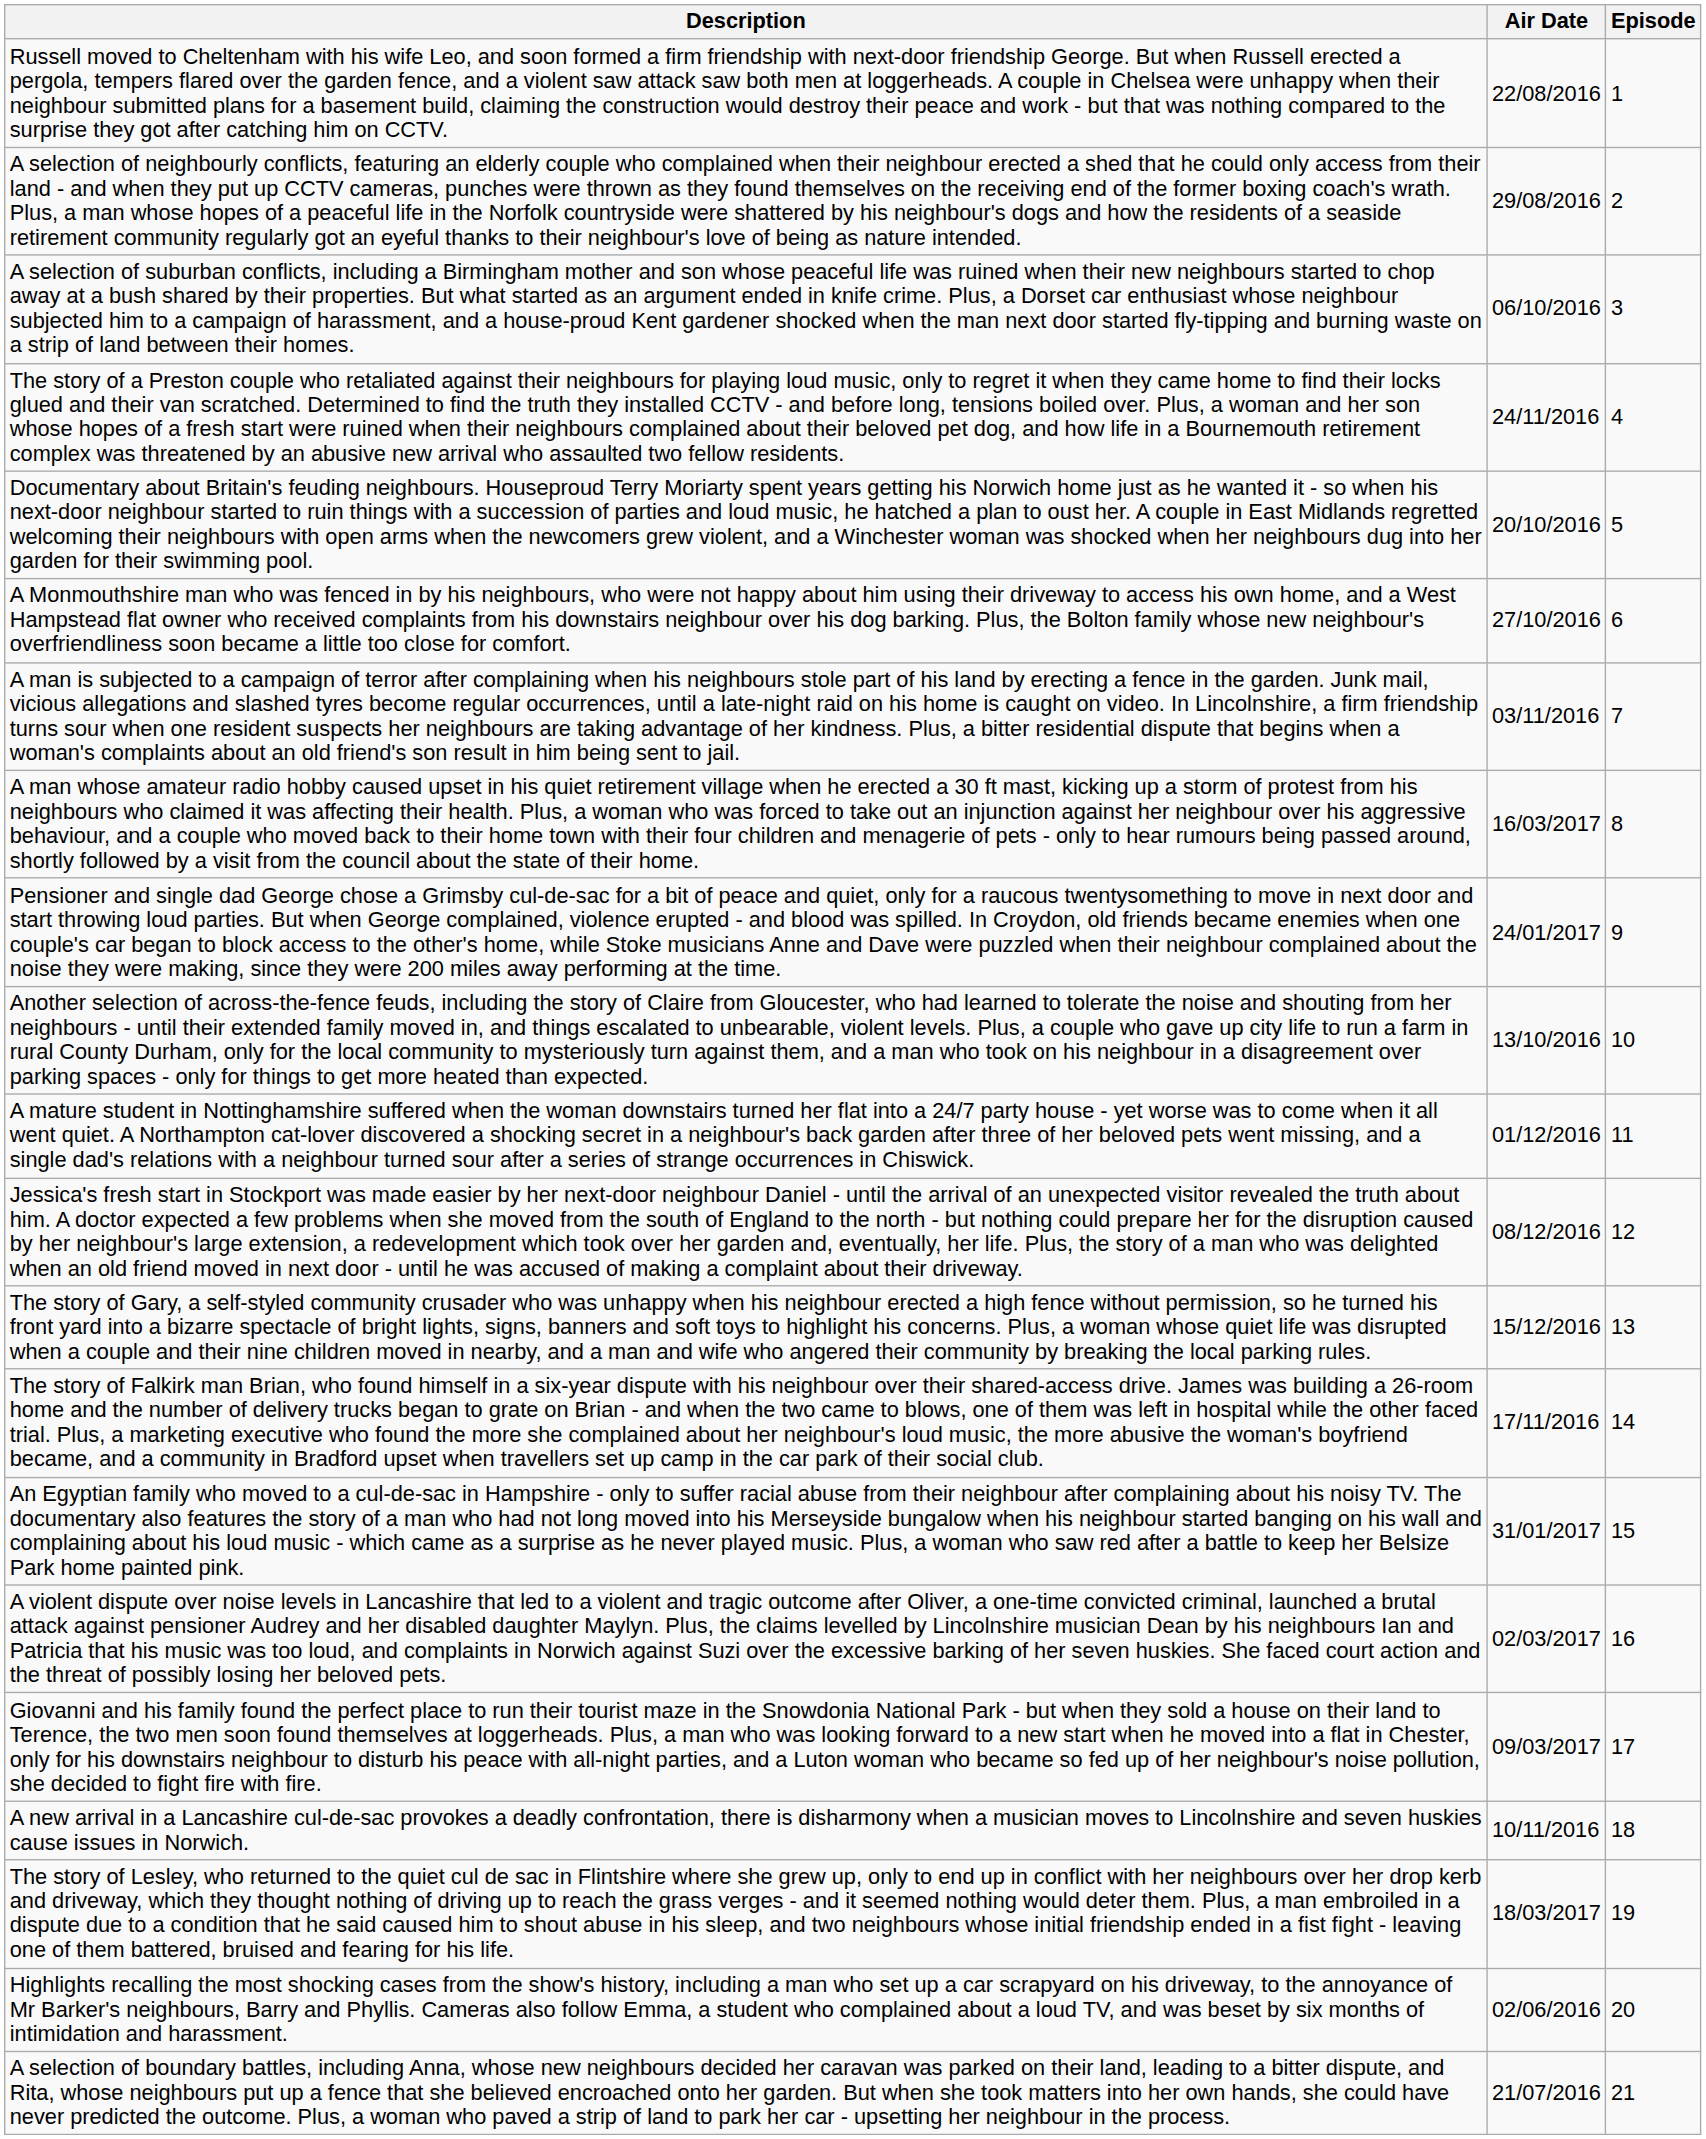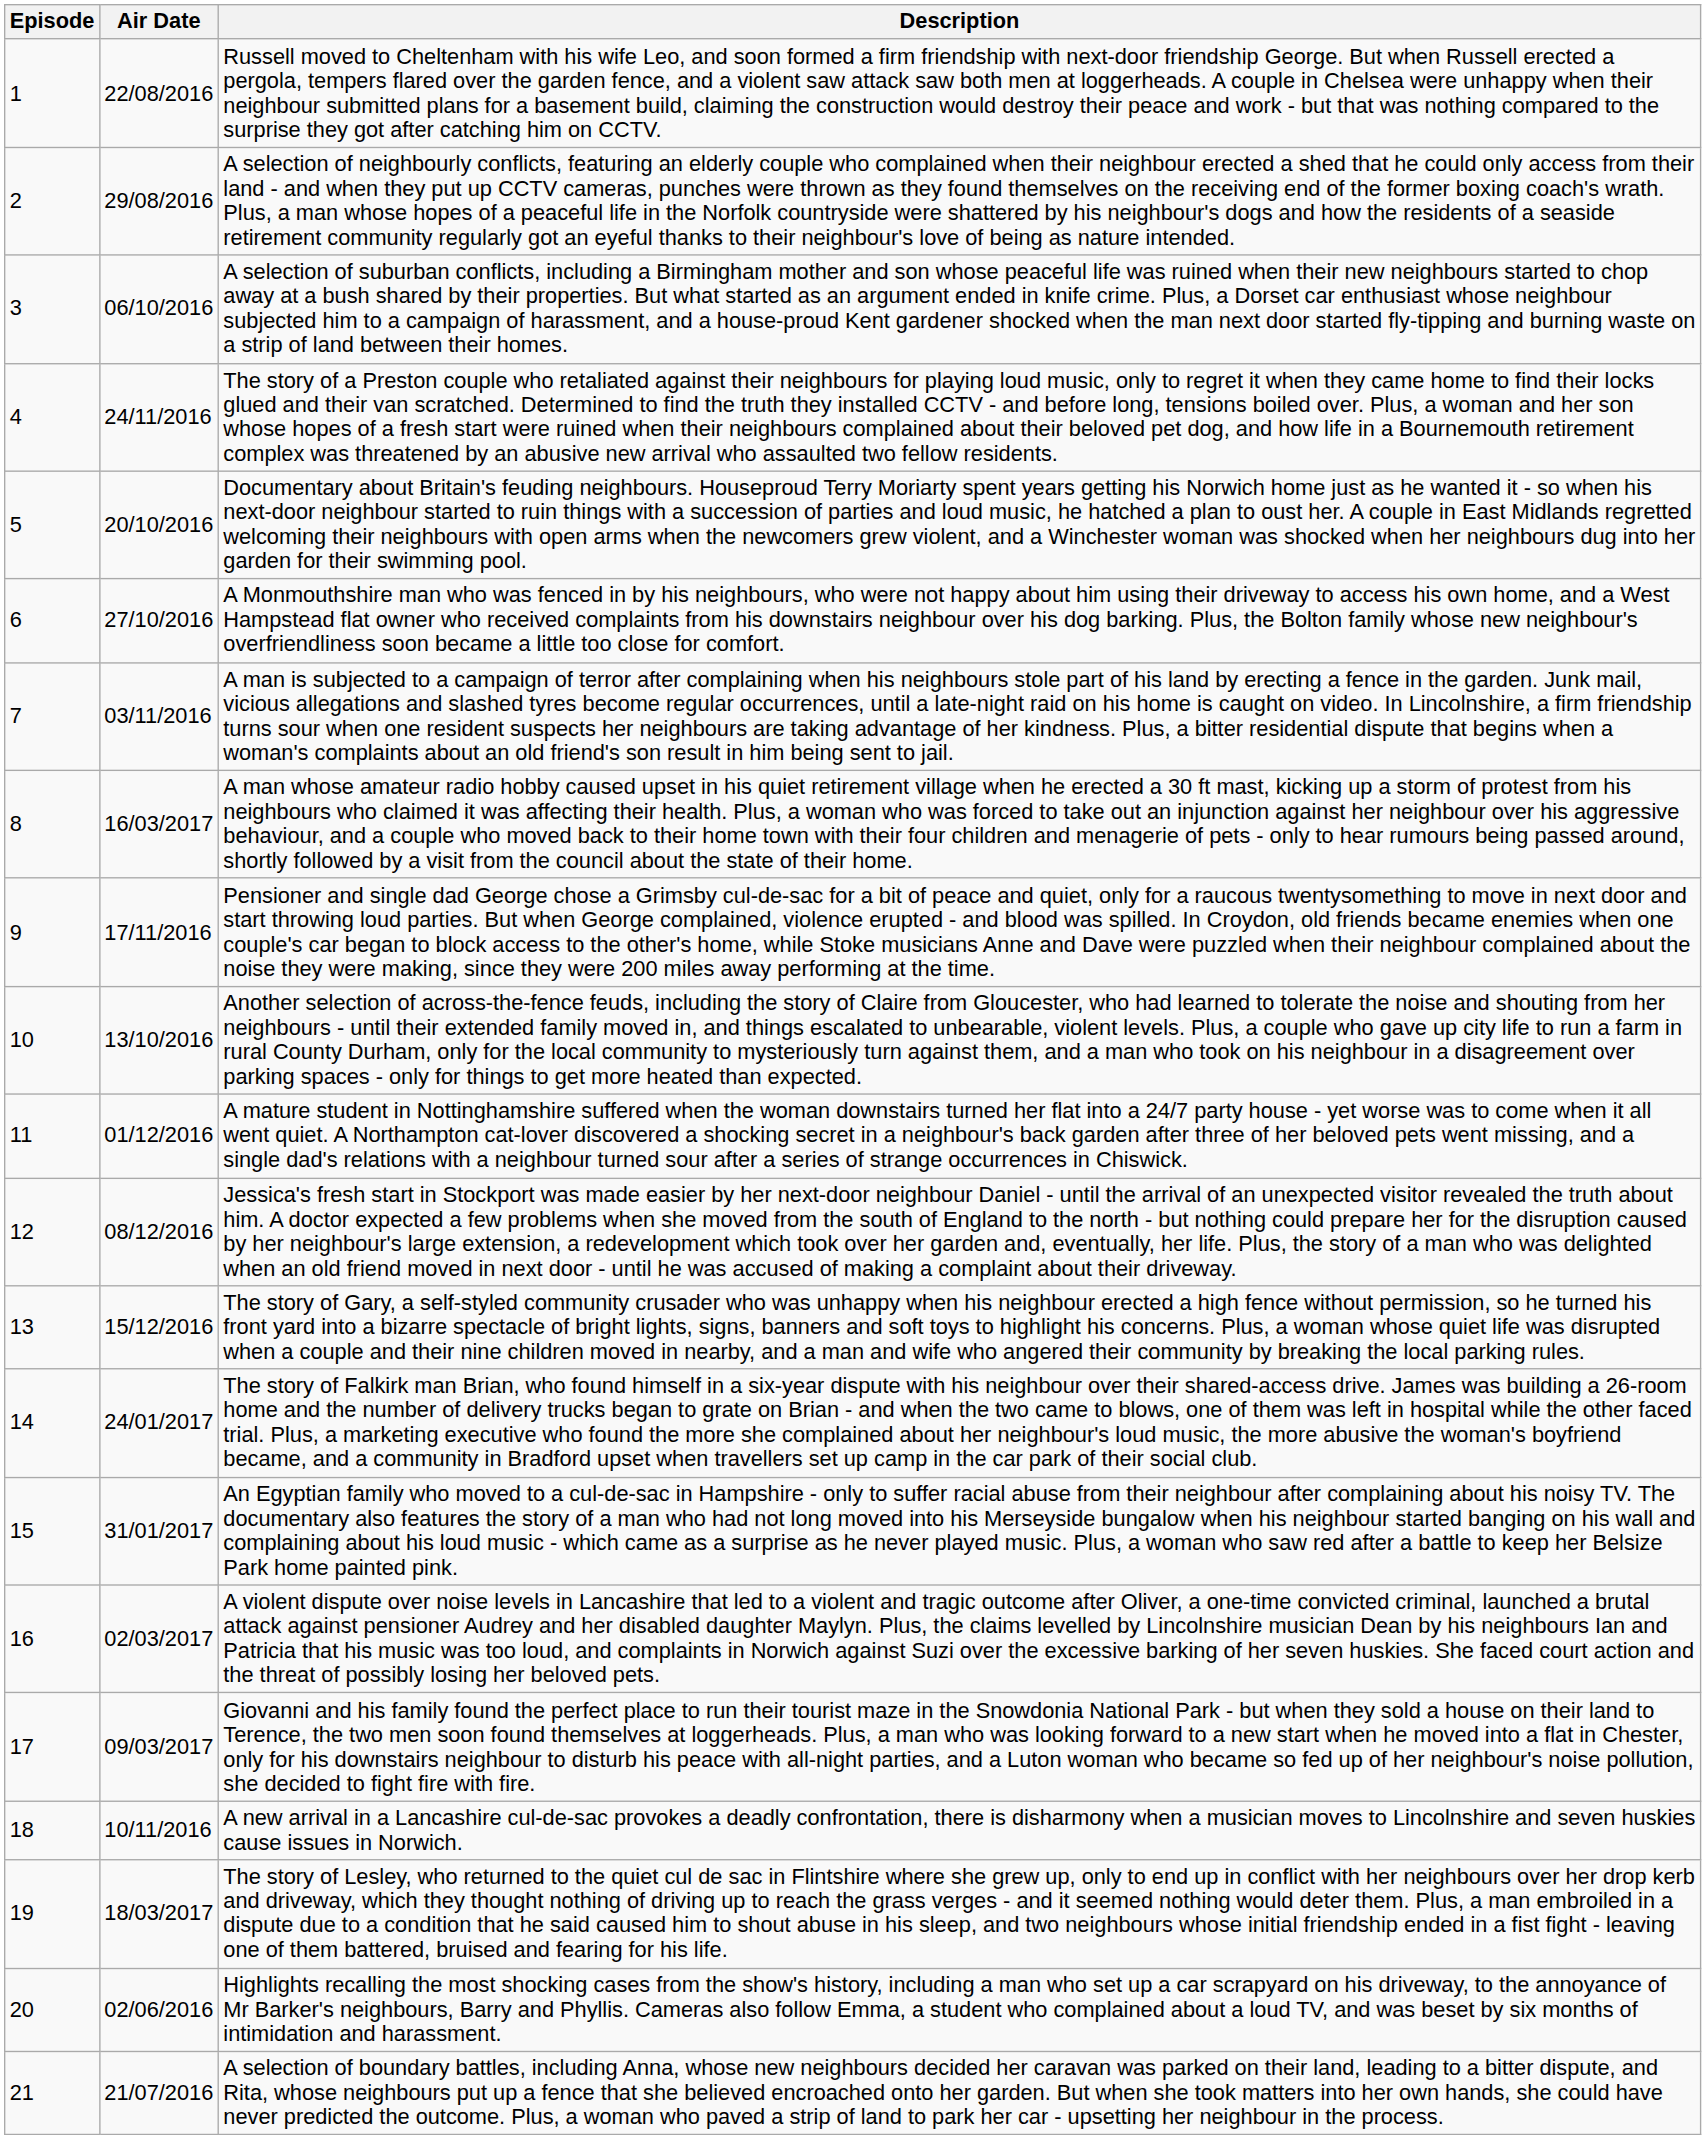 <table class="wikitable">
 <tr>
+<th>Episode</th>
+<th>Air Date</th>
 <th>Description</th>
-<th>Air Date</th>
-<th>Episode</th>
 </tr>
 <tr>
+<td>1</td>
+<td>22/08/2016</td>
 <td>Russell moved to Cheltenham with his wife Leo, and soon formed a firm friendship with next-door friendship George. But when Russell erected a pergola, tempers flared over the garden fence, and a violent saw attack saw both men at loggerheads. A couple in Chelsea were unhappy when their neighbour submitted plans for a basement build, claiming the construction would destroy their peace and work - but that was nothing compared to the surprise they got after catching him on CCTV.</td>
-<td>22/08/2016</td>
-<td>1</td>
 </tr>
 <tr>
+<td>2</td>
+<td>29/08/2016</td>
 <td>A selection of neighbourly conflicts, featuring an elderly couple who complained when their neighbour erected a shed that he could only access from their land - and when they put up CCTV cameras, punches were thrown as they found themselves on the receiving end of the former boxing coach's wrath. Plus, a man whose hopes of a peaceful life in the Norfolk countryside were shattered by his neighbour's dogs and how the residents of a seaside retirement community regularly got an eyeful thanks to their neighbour's love of being as nature intended.</td>
-<td>29/08/2016</td>
-<td>2</td>
 </tr>
 <tr>
+<td>3</td>
+<td>06/10/2016</td>
 <td>A selection of suburban conflicts, including a Birmingham mother and son whose peaceful life was ruined when their new neighbours started to chop away at a bush shared by their properties. But what started as an argument ended in knife crime. Plus, a Dorset car enthusiast whose neighbour subjected him to a campaign of harassment, and a house-proud Kent gardener shocked when the man next door started fly-tipping and burning waste on a strip of land between their homes.</td>
-<td>06/10/2016</td>
-<td>3</td>
 </tr>
 <tr>
+<td>4</td>
+<td>24/11/2016</td>
 <td>The story of a Preston couple who retaliated against their neighbours for playing loud music, only to regret it when they came home to find their locks glued and their van scratched. Determined to find the truth they installed CCTV - and before long, tensions boiled over. Plus, a woman and her son whose hopes of a fresh start were ruined when their neighbours complained about their beloved pet dog, and how life in a Bournemouth retirement complex was threatened by an abusive new arrival who assaulted two fellow residents.</td>
-<td>24/11/2016</td>
-<td>4</td>
 </tr>
 <tr>
+<td>5</td>
+<td>20/10/2016</td>
 <td>Documentary about Britain's feuding neighbours. Houseproud Terry Moriarty spent years getting his Norwich home just as he wanted it - so when his next-door neighbour started to ruin things with a succession of parties and loud music, he hatched a plan to oust her. A couple in East Midlands regretted welcoming their neighbours with open arms when the newcomers grew violent, and a Winchester woman was shocked when her neighbours dug into her garden for their swimming pool.</td>
-<td>20/10/2016</td>
-<td>5</td>
 </tr>
 <tr>
+<td>6</td>
+<td>27/10/2016</td>
 <td>A Monmouthshire man who was fenced in by his neighbours, who were not happy about him using their driveway to access his own home, and a West Hampstead flat owner who received complaints from his downstairs neighbour over his dog barking. Plus, the Bolton family whose new neighbour's overfriendliness soon became a little too close for comfort.</td>
-<td>27/10/2016</td>
-<td>6</td>
 </tr>
 <tr>
+<td>7</td>
+<td>03/11/2016</td>
 <td>A man is subjected to a campaign of terror after complaining when his neighbours stole part of his land by erecting a fence in the garden. Junk mail, vicious allegations and slashed tyres become regular occurrences, until a late-night raid on his home is caught on video. In Lincolnshire, a firm friendship turns sour when one resident suspects her neighbours are taking advantage of her kindness. Plus, a bitter residential dispute that begins when a woman's complaints about an old friend's son result in him being sent to jail.</td>
-<td>03/11/2016</td>
-<td>7</td>
 </tr>
 <tr>
+<td>8</td>
+<td>16/03/2017</td>
 <td>A man whose amateur radio hobby caused upset in his quiet retirement village when he erected a 30 ft mast, kicking up a storm of protest from his neighbours who claimed it was affecting their health. Plus, a woman who was forced to take out an injunction against her neighbour over his aggressive behaviour, and a couple who moved back to their home town with their four children and menagerie of pets - only to hear rumours being passed around, shortly followed by a visit from the council about the state of their home.</td>
-<td>16/03/2017</td>
-<td>8</td>
 </tr>
 <tr>
+<td>9</td>
+<td>17/11/2016</td>
 <td>Pensioner and single dad George chose a Grimsby cul-de-sac for a bit of peace and quiet, only for a raucous twentysomething to move in next door and start throwing loud parties. But when George complained, violence erupted - and blood was spilled. In Croydon, old friends became enemies when one couple's car began to block access to the other's home, while Stoke musicians Anne and Dave were puzzled when their neighbour complained about the noise they were making, since they were 200 miles away performing at the time.</td>
-<td>24/01/2017</td>
-<td>9</td>
 </tr>
 <tr>
+<td>10</td>
+<td>13/10/2016</td>
 <td>Another selection of across-the-fence feuds, including the story of Claire from Gloucester, who had learned to tolerate the noise and shouting from her neighbours - until their extended family moved in, and things escalated to unbearable, violent levels. Plus, a couple who gave up city life to run a farm in rural County Durham, only for the local community to mysteriously turn against them, and a man who took on his neighbour in a disagreement over parking spaces - only for things to get more heated than expected.</td>
-<td>13/10/2016</td>
-<td>10</td>
 </tr>
 <tr>
+<td>11</td>
+<td>01/12/2016</td>
 <td>A mature student in Nottinghamshire suffered when the woman downstairs turned her flat into a 24/7 party house - yet worse was to come when it all went quiet. A Northampton cat-lover discovered a shocking secret in a neighbour's back garden after three of her beloved pets went missing, and a single dad's relations with a neighbour turned sour after a series of strange occurrences in Chiswick.</td>
-<td>01/12/2016</td>
-<td>11</td>
 </tr>
 <tr>
+<td>12</td>
+<td>08/12/2016</td>
 <td>Jessica's fresh start in Stockport was made easier by her next-door neighbour Daniel - until the arrival of an unexpected visitor revealed the truth about him. A doctor expected a few problems when she moved from the south of England to the north - but nothing could prepare her for the disruption caused by her neighbour's large extension, a redevelopment which took over her garden and, eventually, her life. Plus, the story of a man who was delighted when an old friend moved in next door - until he was accused of making a complaint about their driveway.</td>
-<td>08/12/2016</td>
-<td>12</td>
 </tr>
 <tr>
+<td>13</td>
+<td>15/12/2016</td>
 <td>The story of Gary, a self-styled community crusader who was unhappy when his neighbour erected a high fence without permission, so he turned his front yard into a bizarre spectacle of bright lights, signs, banners and soft toys to highlight his concerns. Plus, a woman whose quiet life was disrupted when a couple and their nine children moved in nearby, and a man and wife who angered their community by breaking the local parking rules.</td>
-<td>15/12/2016</td>
-<td>13</td>
 </tr>
 <tr>
+<td>14</td>
+<td>24/01/2017</td>
 <td>The story of Falkirk man Brian, who found himself in a six-year dispute with his neighbour over their shared-access drive. James was building a 26-room home and the number of delivery trucks began to grate on Brian - and when the two came to blows, one of them was left in hospital while the other faced trial. Plus, a marketing executive who found the more she complained about her neighbour's loud music, the more abusive the woman's boyfriend became, and a community in Bradford upset when travellers set up camp in the car park of their social club.</td>
-<td>17/11/2016</td>
-<td>14</td>
 </tr>
 <tr>
+<td>15</td>
+<td>31/01/2017</td>
 <td>An Egyptian family who moved to a cul-de-sac in Hampshire - only to suffer racial abuse from their neighbour after complaining about his noisy TV. The documentary also features the story of a man who had not long moved into his Merseyside bungalow when his neighbour started banging on his wall and complaining about his loud music - which came as a surprise as he never played music. Plus, a woman who saw red after a battle to keep her Belsize Park home painted pink.</td>
-<td>31/01/2017</td>
-<td>15</td>
 </tr>
 <tr>
+<td>16</td>
+<td>02/03/2017</td>
 <td>A violent dispute over noise levels in Lancashire that led to a violent and tragic outcome after Oliver, a one-time convicted criminal, launched a brutal attack against pensioner Audrey and her disabled daughter Maylyn. Plus, the claims levelled by Lincolnshire musician Dean by his neighbours Ian and Patricia that his music was too loud, and complaints in Norwich against Suzi over the excessive barking of her seven huskies. She faced court action and the threat of possibly losing her beloved pets.</td>
-<td>02/03/2017</td>
-<td>16</td>
 </tr>
 <tr>
+<td>17</td>
+<td>09/03/2017</td>
 <td>Giovanni and his family found the perfect place to run their tourist maze in the Snowdonia National Park - but when they sold a house on their land to Terence, the two men soon found themselves at loggerheads. Plus, a man who was looking forward to a new start when he moved into a flat in Chester, only for his downstairs neighbour to disturb his peace with all-night parties, and a Luton woman who became so fed up of her neighbour's noise pollution, she decided to fight fire with fire.</td>
-<td>09/03/2017</td>
-<td>17</td>
 </tr>
 <tr>
+<td>18</td>
+<td>10/11/2016</td>
 <td>A new arrival in a Lancashire cul-de-sac provokes a deadly confrontation, there is disharmony when a musician moves to Lincolnshire and seven huskies cause issues in Norwich.</td>
-<td>10/11/2016</td>
-<td>18</td>
 </tr>
 <tr>
+<td>19</td>
+<td>18/03/2017</td>
 <td>The story of Lesley, who returned to the quiet cul de sac in Flintshire where she grew up, only to end up in conflict with her neighbours over her drop kerb and driveway, which they thought nothing of driving up to reach the grass verges - and it seemed nothing would deter them. Plus, a man embroiled in a dispute due to a condition that he said caused him to shout abuse in his sleep, and two neighbours whose initial friendship ended in a fist fight - leaving one of them battered, bruised and fearing for his life.</td>
-<td>18/03/2017</td>
-<td>19</td>
 </tr>
 <tr>
+<td>20</td>
+<td>02/06/2016</td>
 <td>Highlights recalling the most shocking cases from the show's history, including a man who set up a car scrapyard on his driveway, to the annoyance of Mr Barker's neighbours, Barry and Phyllis. Cameras also follow Emma, a student who complained about a loud TV, and was beset by six months of intimidation and harassment.</td>
-<td>02/06/2016</td>
-<td>20</td>
 </tr>
 <tr>
+<td>21</td>
+<td>21/07/2016</td>
 <td>A selection of boundary battles, including Anna, whose new neighbours decided her caravan was parked on their land, leading to a bitter dispute, and Rita, whose neighbours put up a fence that she believed encroached onto her garden. But when she took matters into her own hands, she could have never predicted the outcome. Plus, a woman who paved a strip of land to park her car - upsetting her neighbour in the process.</td>
-<td>21/07/2016</td>
-<td>21</td>
 </tr>
 </table>
